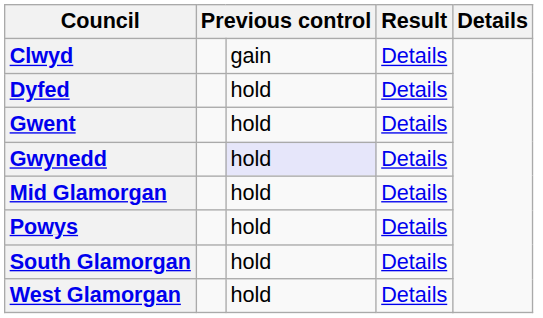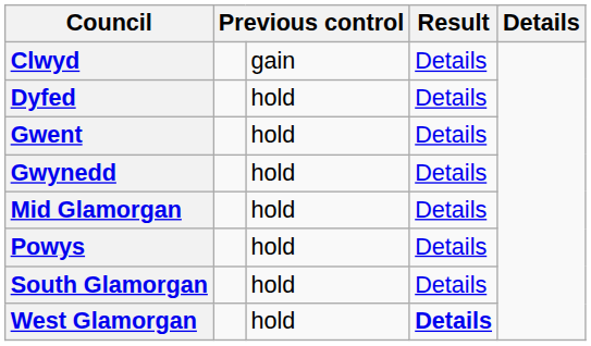 <table class="wikitable sortable" border="1">
 <tr>
 <th scope="col">Council</th>
 <th colspan=2>Previous control</th>
 <th colspan=2>Result</th>
 <th class="unsortable" scope="col">Details</th>
 </tr>
 <tr>
 <th scope="row" style="text-align: left;"><a href='#'>Clwyd</a></th>
 <td></td>
 <td> gain</td>
 <td><a href='#'>Details</a></td>
 </tr>
 <tr>
 <th scope="row" style="text-align: left;"><a href='#'>Dyfed</a></th>
 <td></td>
 <td> hold</td>
 <td><a href='#'>Details</a></td>
 </tr>
 <tr>
 <th scope="row" style="text-align: left;"><a href='#'>Gwent</a></th>
 <td></td>
 <td> hold</td>
 <td><a href='#'>Details</a></td>
 </tr>
 <tr>
 <th scope="row" style="text-align: left;"><a href='#'>Gwynedd</a></th>
 <td></td>
-<td style="background: lavender;"> hold</td>
+<td> hold</td>
 <td><a href='#'>Details</a></td>
 </tr>
 <tr>
 <th scope="row" style="text-align: left;"><a href='#'>Mid Glamorgan</a></th>
 <td></td>
 <td> hold</td>
 <td><a href='#'>Details</a></td>
 </tr>
 <tr>
 <th scope="row" style="text-align: left;"><a href='#'>Powys</a></th>
 <td></td>
 <td> hold</td>
 <td><a href='#'>Details</a></td>
 </tr>
 <tr>
 <th scope="row" style="text-align: left;"><a href='#'>South Glamorgan</a></th>
 <td></td>
 <td> hold</td>
 <td><a href='#'>Details</a></td>
 </tr>
 <tr>
 <th scope="row" style="text-align: left;"><a href='#'>West Glamorgan</a></th>
 <td></td>
 <td> hold</td>
-<td><a href='#'>Details</a></td>
+<td><strong><a href='#'>Details</a></strong></td>
 </tr>
 </table>
